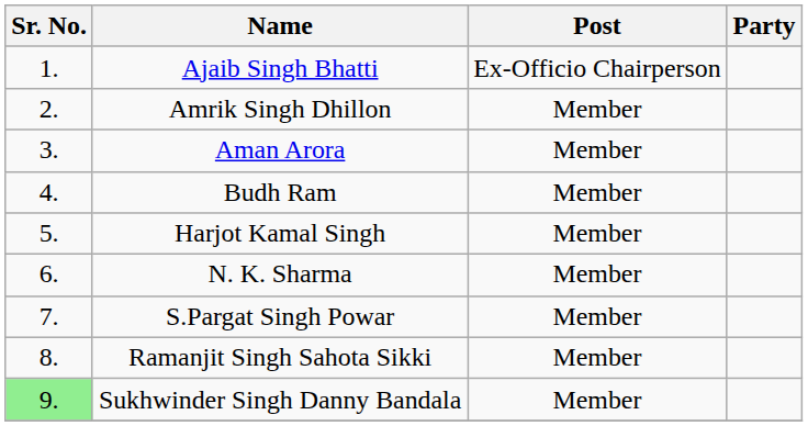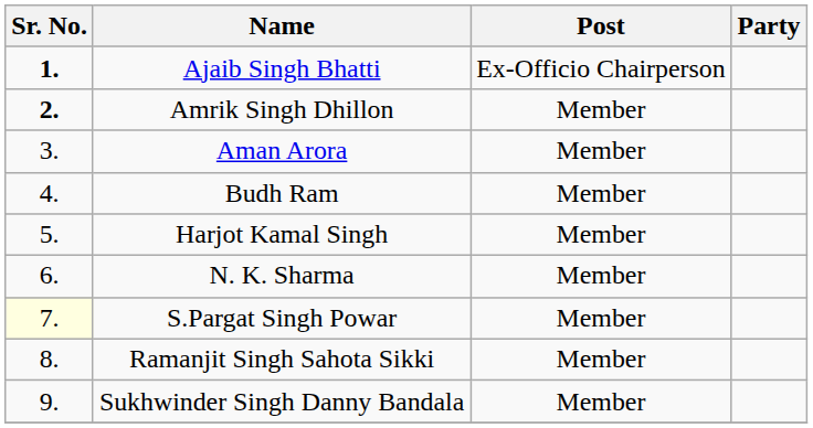 <table class="wikitable sortable">
 <tr>
 <th>Sr. No.</th>
 <th>Name</th>
 <th>Post</th>
 <th colspan="2">Party</th>
 </tr>
 <tr align="center">
-<td>1.</td>
+<td><strong>1.</strong></td>
 <td><a href='#'>Ajaib Singh Bhatti</a></td>
 <td>Ex-Officio Chairperson</td>
 <td></td>
 </tr>
 <tr align="center">
-<td>2.</td>
+<td><strong>2.</strong></td>
 <td>Amrik Singh Dhillon</td>
 <td>Member</td>
 <td></td>
 </tr>
 <tr align="center">
 <td>3.</td>
 <td><a href='#'>Aman Arora</a></td>
 <td>Member</td>
 <td></td>
 </tr>
 <tr align="center">
 <td>4.</td>
 <td>Budh Ram</td>
 <td>Member</td>
 <td></td>
 </tr>
 <tr align="center">
 <td>5.</td>
 <td>Harjot Kamal Singh</td>
 <td>Member</td>
 <td></td>
 </tr>
 <tr align="center">
 <td>6.</td>
 <td>N. K. Sharma</td>
 <td>Member</td>
 <td></td>
 </tr>
 <tr align="center">
-<td>7.</td>
+<td style="background: lightyellow;">7.</td>
 <td>S.Pargat Singh Powar</td>
 <td>Member</td>
 <td></td>
 </tr>
 <tr align="center">
 <td>8.</td>
 <td>Ramanjit Singh Sahota Sikki</td>
 <td>Member</td>
 <td></td>
 </tr>
 <tr align="center">
-<td style="background: lightgreen;">9.</td>
+<td>9.</td>
 <td>Sukhwinder Singh Danny Bandala</td>
 <td>Member</td>
 <td></td>
 </tr>
 <tr align="center">
 </tr>
 </table>
